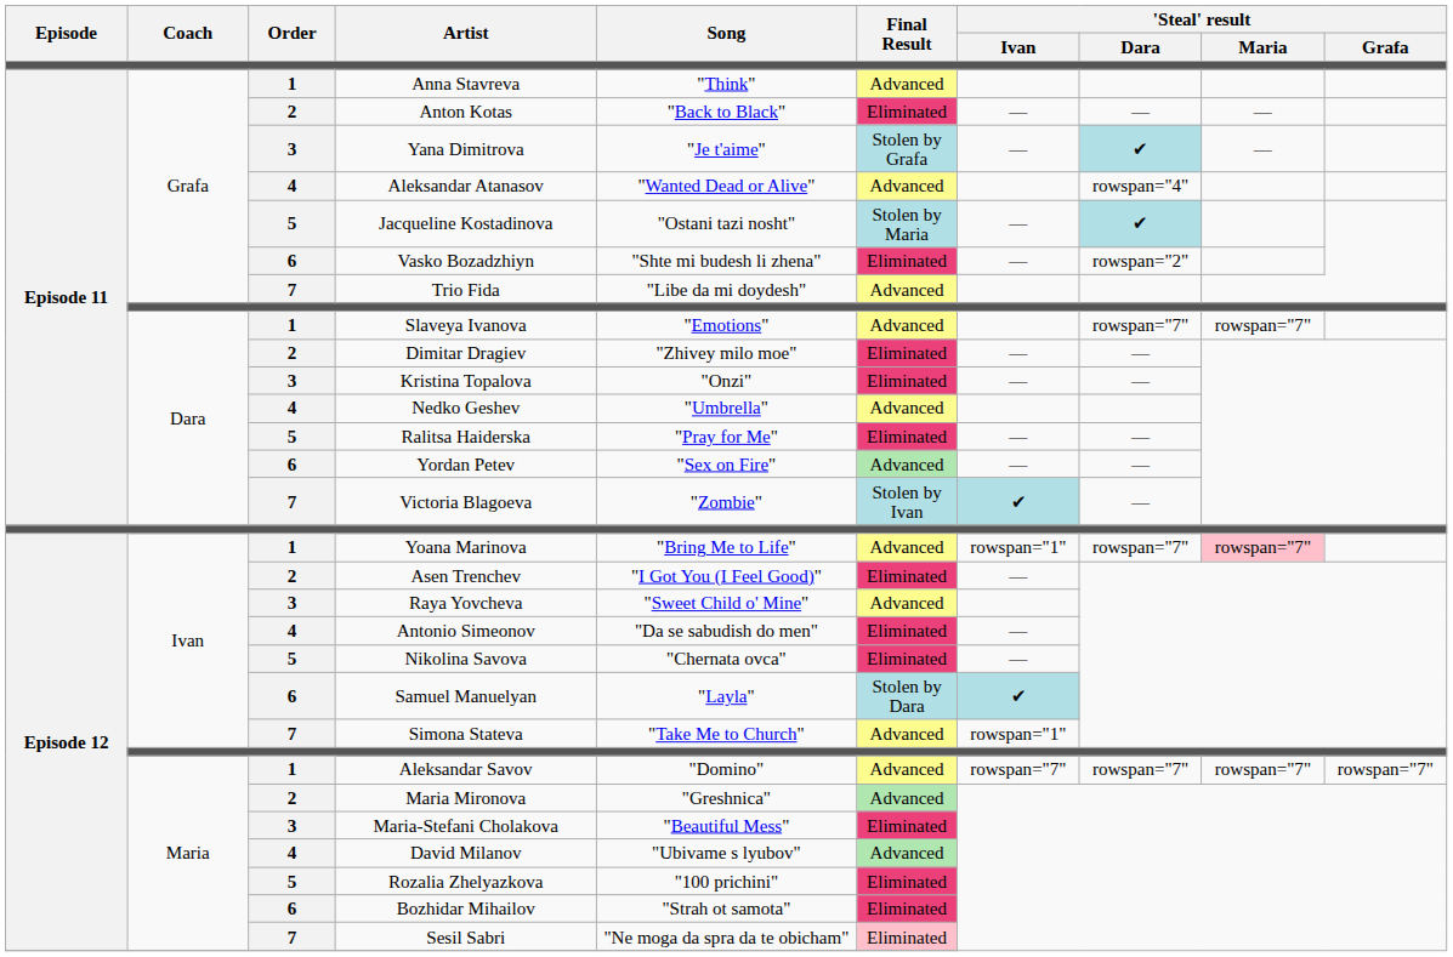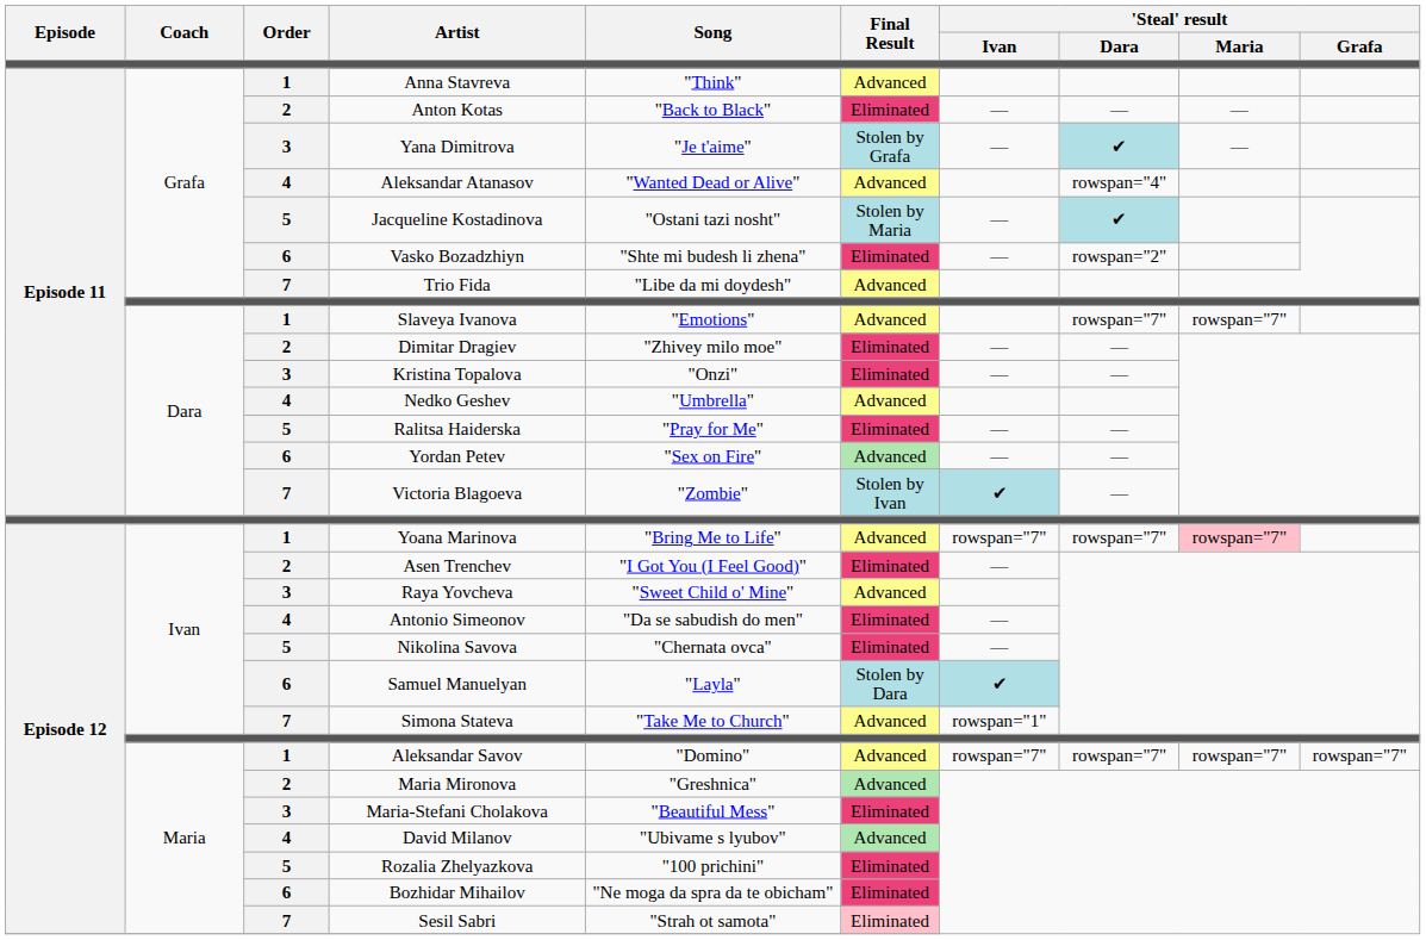 <table class="wikitable" style="text-align:center; line-height:17px; width:100%;">
 <tr>
 <th rowspan="2" style="width:07%;">Episode</th>
 <th rowspan="2" style="width:07%;">Coach</th>
 <th rowspan="2" style="width:05%;">Order</th>
 <th rowspan="2" style="width:15%;">Artist</th>
 <th rowspan="2" style="width:15%;">Song</th>
 <th rowspan="2" style="width:04%;">Final Result</th>
 <th colspan="4" style="width:24%">'Steal' result</th>
 </tr>
 <tr>
 <th style="width:06%">Ivan</th>
 <th style="width:06%">Dara</th>
 <th style="width:06%">Maria</th>
 <th style="width:06%">Grafa</th>
 </tr>
 <tr>
 <td colspan="10" style="background:#555;"></td>
 </tr>
 <tr>
 <th rowspan="15">Episode 11<br></th>
 <td rowspan="7">Grafa</td>
 <th>1</th>
 <td>Anna Stavreva</td>
 <td>"<a href='#'>Think</a>"</td>
 <td style="background:#fdfc8f">Advanced</td>
 <td></td>
 <td></td>
 <td></td>
 <td></td>
 </tr>
 <tr>
 <th>2</th>
 <td>Anton Kotas</td>
 <td>"<a href='#'>Back to Black</a>"</td>
 <td style="background:#EC407A">Eliminated</td>
 <td>—</td>
 <td>—</td>
 <td>—</td>
 <td></td>
 </tr>
 <tr>
 <th>3</th>
 <td>Yana Dimitrova</td>
 <td>"<a href='#'>Je t'aime</a>"</td>
 <td style="background:#B0E0E6">Stolen by Grafa</td>
 <td>—</td>
 <td style="background:#B0E0E6">✔</td>
 <td>—</td>
 <td></td>
 </tr>
 <tr>
 <th>4</th>
 <td>Aleksandar Atanasov</td>
 <td>"<a href='#'>Wanted Dead or Alive</a>"</td>
 <td style="background:#fdfc8f">Advanced</td>
 <td></td>
 <td>rowspan="4" </td>
 <td></td>
 <td></td>
 </tr>
 <tr>
 <th>5</th>
 <td>Jacqueline Kostadinova</td>
 <td>"Ostani tazi nosht"</td>
 <td style="background:#B0E0E6">Stolen by Maria</td>
 <td>—</td>
 <td style="background:#B0E0E6">✔</td>
 <td></td>
 </tr>
 <tr>
 <th>6</th>
 <td>Vasko Bozadzhiyn</td>
 <td>"Shte mi budesh li zhena"</td>
 <td style="background:#EC407A">Eliminated</td>
 <td>—</td>
 <td>rowspan="2" </td>
 <td></td>
 </tr>
 <tr>
 <th>7</th>
 <td>Trio Fida</td>
 <td>"Libe da mi doydesh"</td>
 <td style="background:#fdfc8f">Advanced</td>
 <td></td>
 <td></td>
 </tr>
 <tr>
 <td colspan="9" style="background:#555;"></td>
 </tr>
 <tr>
 <td rowspan="7">Dara</td>
 <th>1</th>
 <td>Slaveya Ivanova</td>
 <td>"<a href='#'>Emotions</a>"</td>
 <td style="background:#fdfc8f">Advanced</td>
 <td></td>
 <td>rowspan="7" </td>
 <td>rowspan="7" </td>
 <td></td>
 </tr>
 <tr>
 <th>2</th>
 <td>Dimitar Dragiev</td>
 <td>"Zhivey milo moe"</td>
 <td style="background:#EC407A">Eliminated</td>
 <td>—</td>
 <td>—</td>
 </tr>
 <tr>
 <th>3</th>
 <td>Kristina Topalova</td>
 <td>"Onzi"</td>
 <td style="background:#EC407A">Eliminated</td>
 <td>—</td>
 <td>—</td>
 </tr>
 <tr>
 <th>4</th>
 <td>Nedko Geshev</td>
 <td>"<a href='#'>Umbrella</a>"</td>
 <td style="background:#fdfc8f">Advanced</td>
 <td></td>
 <td></td>
 </tr>
 <tr>
 <th>5</th>
 <td>Ralitsa Haiderska</td>
 <td>"<a href='#'>Pray for Me</a>"</td>
 <td style="background:#EC407A">Eliminated</td>
 <td>—</td>
 <td>—</td>
 </tr>
 <tr>
 <th>6</th>
 <td>Yordan Petev</td>
 <td>"<a href='#'>Sex on Fire</a>"</td>
 <td style="background:#b0e6b0">Advanced</td>
 <td>—</td>
 <td>—</td>
 </tr>
 <tr>
 <th>7</th>
 <td>Victoria Blagoeva</td>
 <td>"<a href='#'>Zombie</a>"</td>
 <td style="background:#B0E0E6">Stolen by Ivan</td>
 <td style="background:#B0E0E6">✔</td>
 <td>—</td>
 </tr>
 <tr>
 <td colspan="10" style="background:#555;"></td>
 </tr>
 <tr>
 <th rowspan="15">Episode 12<br></th>
 <td rowspan="7">Ivan</td>
 <th>1</th>
 <td>Yoana Marinova</td>
 <td>"<a href='#'>Bring Me to Life</a>"</td>
 <td style="background:#fdfc8f">Advanced</td>
-<td>rowspan="1" </td>
+<td>rowspan="7" </td>
 <td>rowspan="7" </td>
 <td style="background: pink;">rowspan="7" </td>
 <td></td>
 </tr>
 <tr>
 <th>2</th>
 <td>Asen Trenchev</td>
 <td>"<a href='#'>I Got You (I Feel Good)</a>"</td>
 <td style="background:#EC407A">Eliminated</td>
 <td>—</td>
 </tr>
 <tr>
 <th>3</th>
 <td>Raya Yovcheva</td>
 <td>"<a href='#'>Sweet Child o' Mine</a>"</td>
 <td style="background:#fdfc8f">Advanced</td>
 <td></td>
 </tr>
 <tr>
 <th>4</th>
 <td>Antonio Simeonov</td>
 <td>"Da se sabudish do men"</td>
 <td style="background:#EC407A">Eliminated</td>
 <td>—</td>
 </tr>
 <tr>
 <th>5</th>
 <td>Nikolina Savova</td>
 <td>"Chernata ovca"</td>
 <td style="background:#EC407A">Eliminated</td>
 <td>—</td>
 </tr>
 <tr>
 <th>6</th>
 <td>Samuel Manuelyan</td>
 <td>"<a href='#'>Layla</a>"</td>
 <td style="background:#B0E0E6">Stolen by Dara</td>
 <td style="background:#B0E0E6">✔</td>
 </tr>
 <tr>
 <th>7</th>
 <td>Simona Stateva</td>
 <td>"<a href='#'>Take Me to Church</a>"</td>
 <td style="background:#fdfc8f">Advanced</td>
 <td>rowspan="1" </td>
 </tr>
 <tr>
 <td colspan="9" style="background:#555;"></td>
 </tr>
 <tr>
 <td rowspan="7">Maria</td>
 <th>1</th>
 <td>Aleksandar Savov</td>
 <td>"Domino"</td>
 <td style="background:#fdfc8f">Advanced</td>
 <td>rowspan="7" </td>
 <td>rowspan="7" </td>
 <td>rowspan="7" </td>
 <td>rowspan="7" </td>
 </tr>
 <tr>
 <th>2</th>
 <td>Maria Mironova</td>
 <td>"Greshnica"</td>
 <td style="background:#b0e6b0">Advanced</td>
 </tr>
 <tr>
 <th>3</th>
 <td>Maria-Stefani Cholakova</td>
 <td>"<a href='#'>Beautiful Mess</a>"</td>
 <td style="background:#EC407A">Eliminated</td>
 </tr>
 <tr>
 <th>4</th>
 <td>David Milanov</td>
 <td>"Ubivame s lyubov"</td>
 <td style="background:#b0e6b0">Advanced</td>
 </tr>
 <tr>
 <th>5</th>
 <td>Rozalia Zhelyazkova</td>
 <td>"100 prichini"</td>
 <td style="background:#EC407A">Eliminated</td>
 </tr>
 <tr>
 <th>6</th>
 <td>Bozhidar Mihailov</td>
-<td>"Strah ot samota"</td>
+<td>"Ne moga da spra da te obicham"</td>
 <td style="background:#EC407A">Eliminated</td>
 </tr>
 <tr>
 <th>7</th>
 <td>Sesil Sabri</td>
-<td>"Ne moga da spra da te obicham"</td>
+<td>"Strah ot samota"</td>
 <td style="background: pink">Eliminated</td>
 </tr>
 <tr>
 </tr>
 </table>
